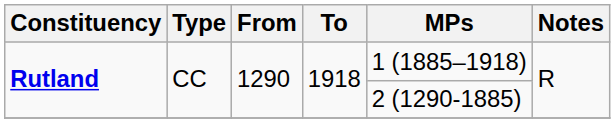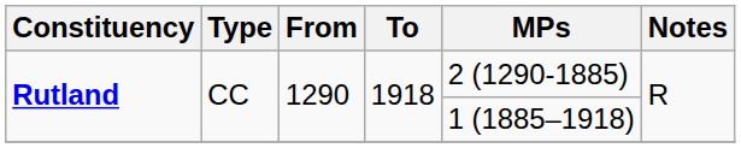 <table class="wikitable">
 <tr>
 <th>Constituency</th>
 <th>Type</th>
 <th>From</th>
 <th>To</th>
 <th>MPs</th>
 <th>Notes</th>
 </tr>
 <tr>
 <td rowspan="2"><strong><a href='#'>Rutland</a></strong></td>
 <td rowspan="2">CC</td>
 <td rowspan="2">1290</td>
 <td rowspan="2">1918</td>
-<td>1 (1885–1918)</td>
+<td>2 (1290-1885)</td>
 <td rowspan="2">R</td>
 </tr>
 <tr>
-<td>2 (1290-1885)</td>
+<td>1 (1885–1918)</td>
 </tr>
 <tr>
 </tr>
 </table>
